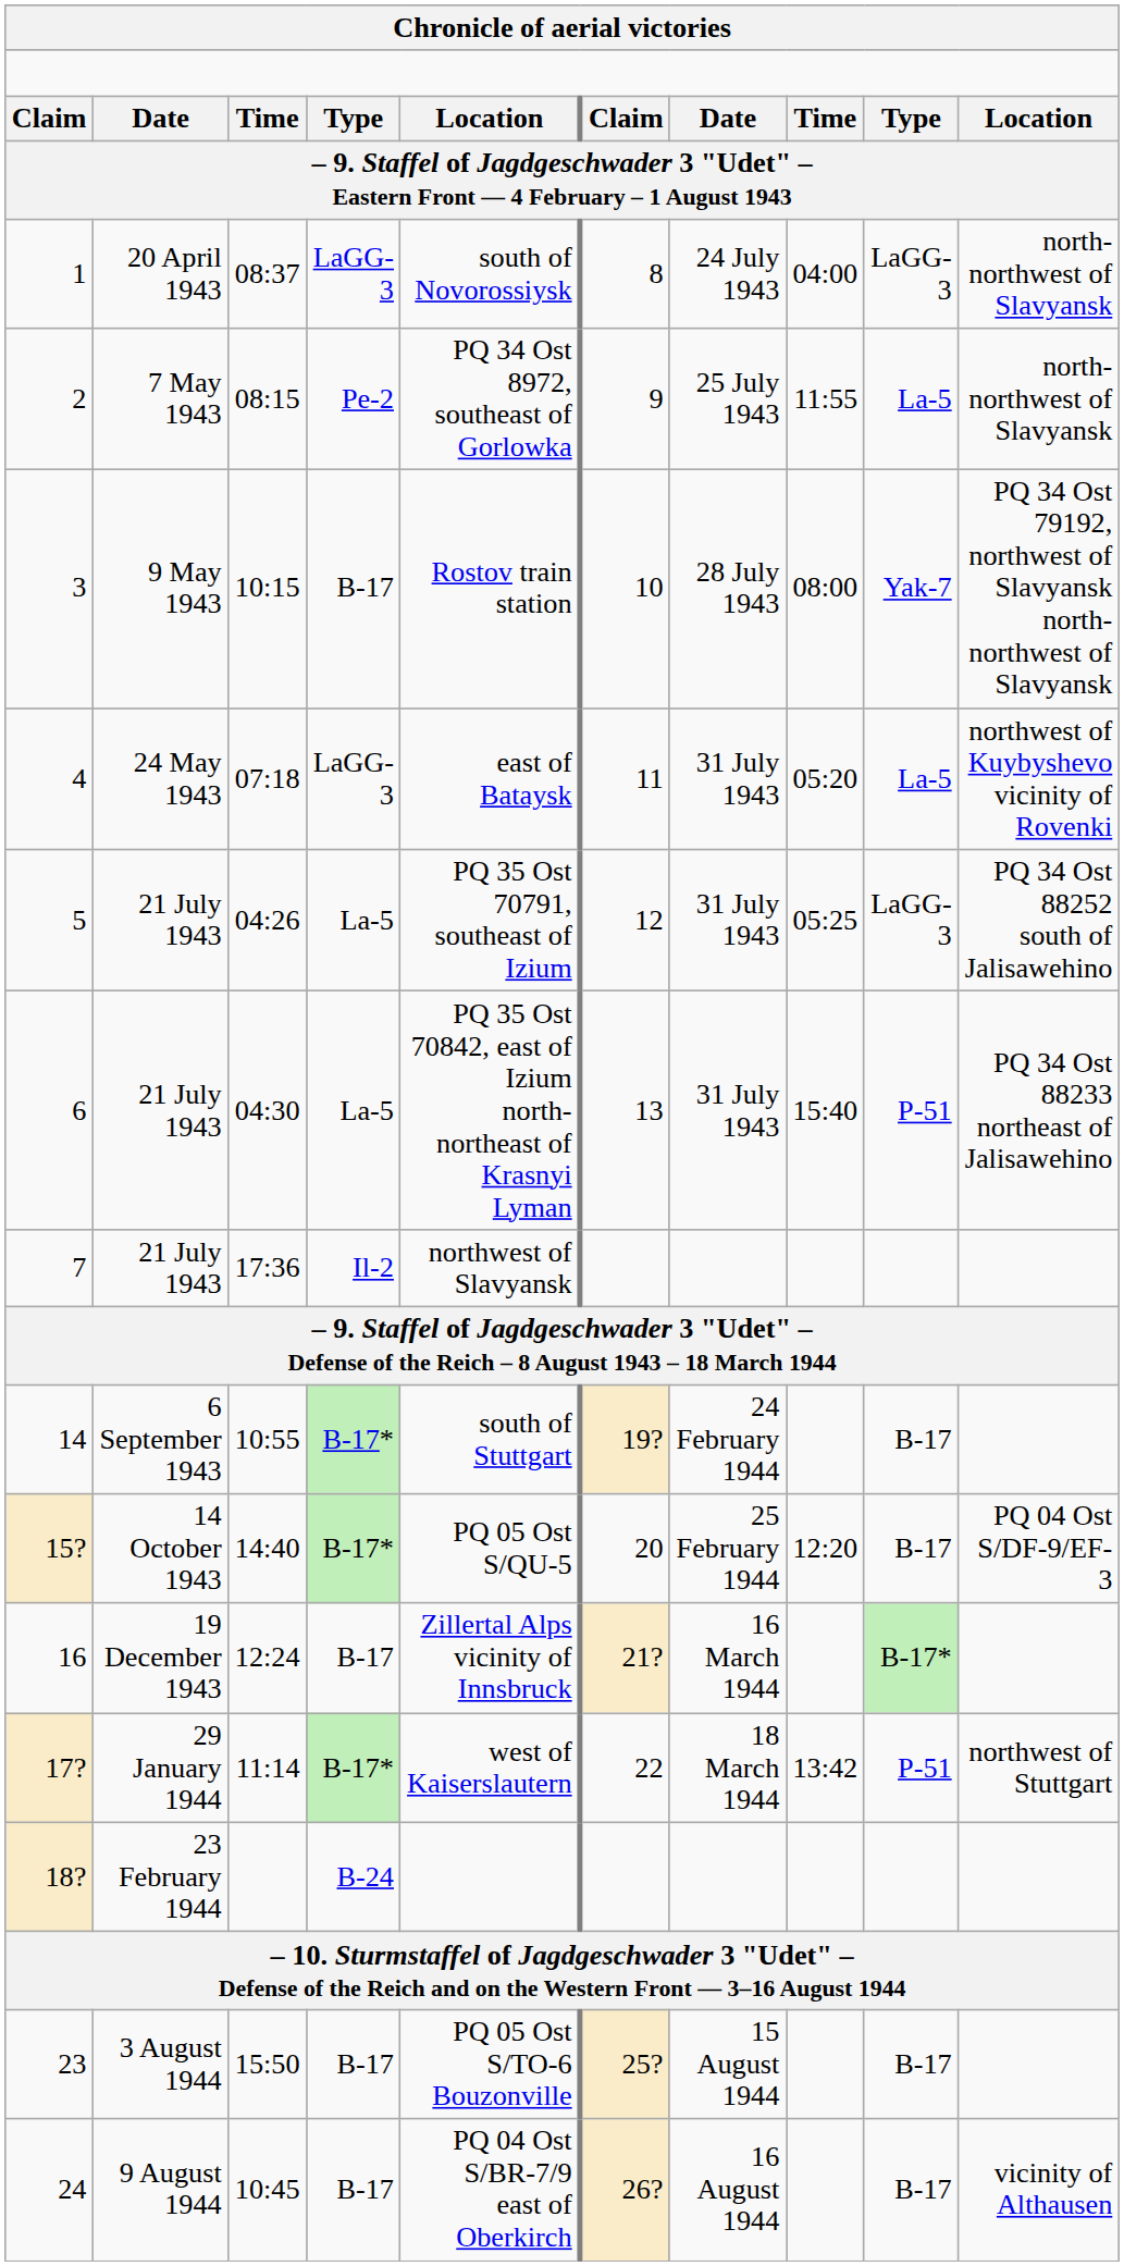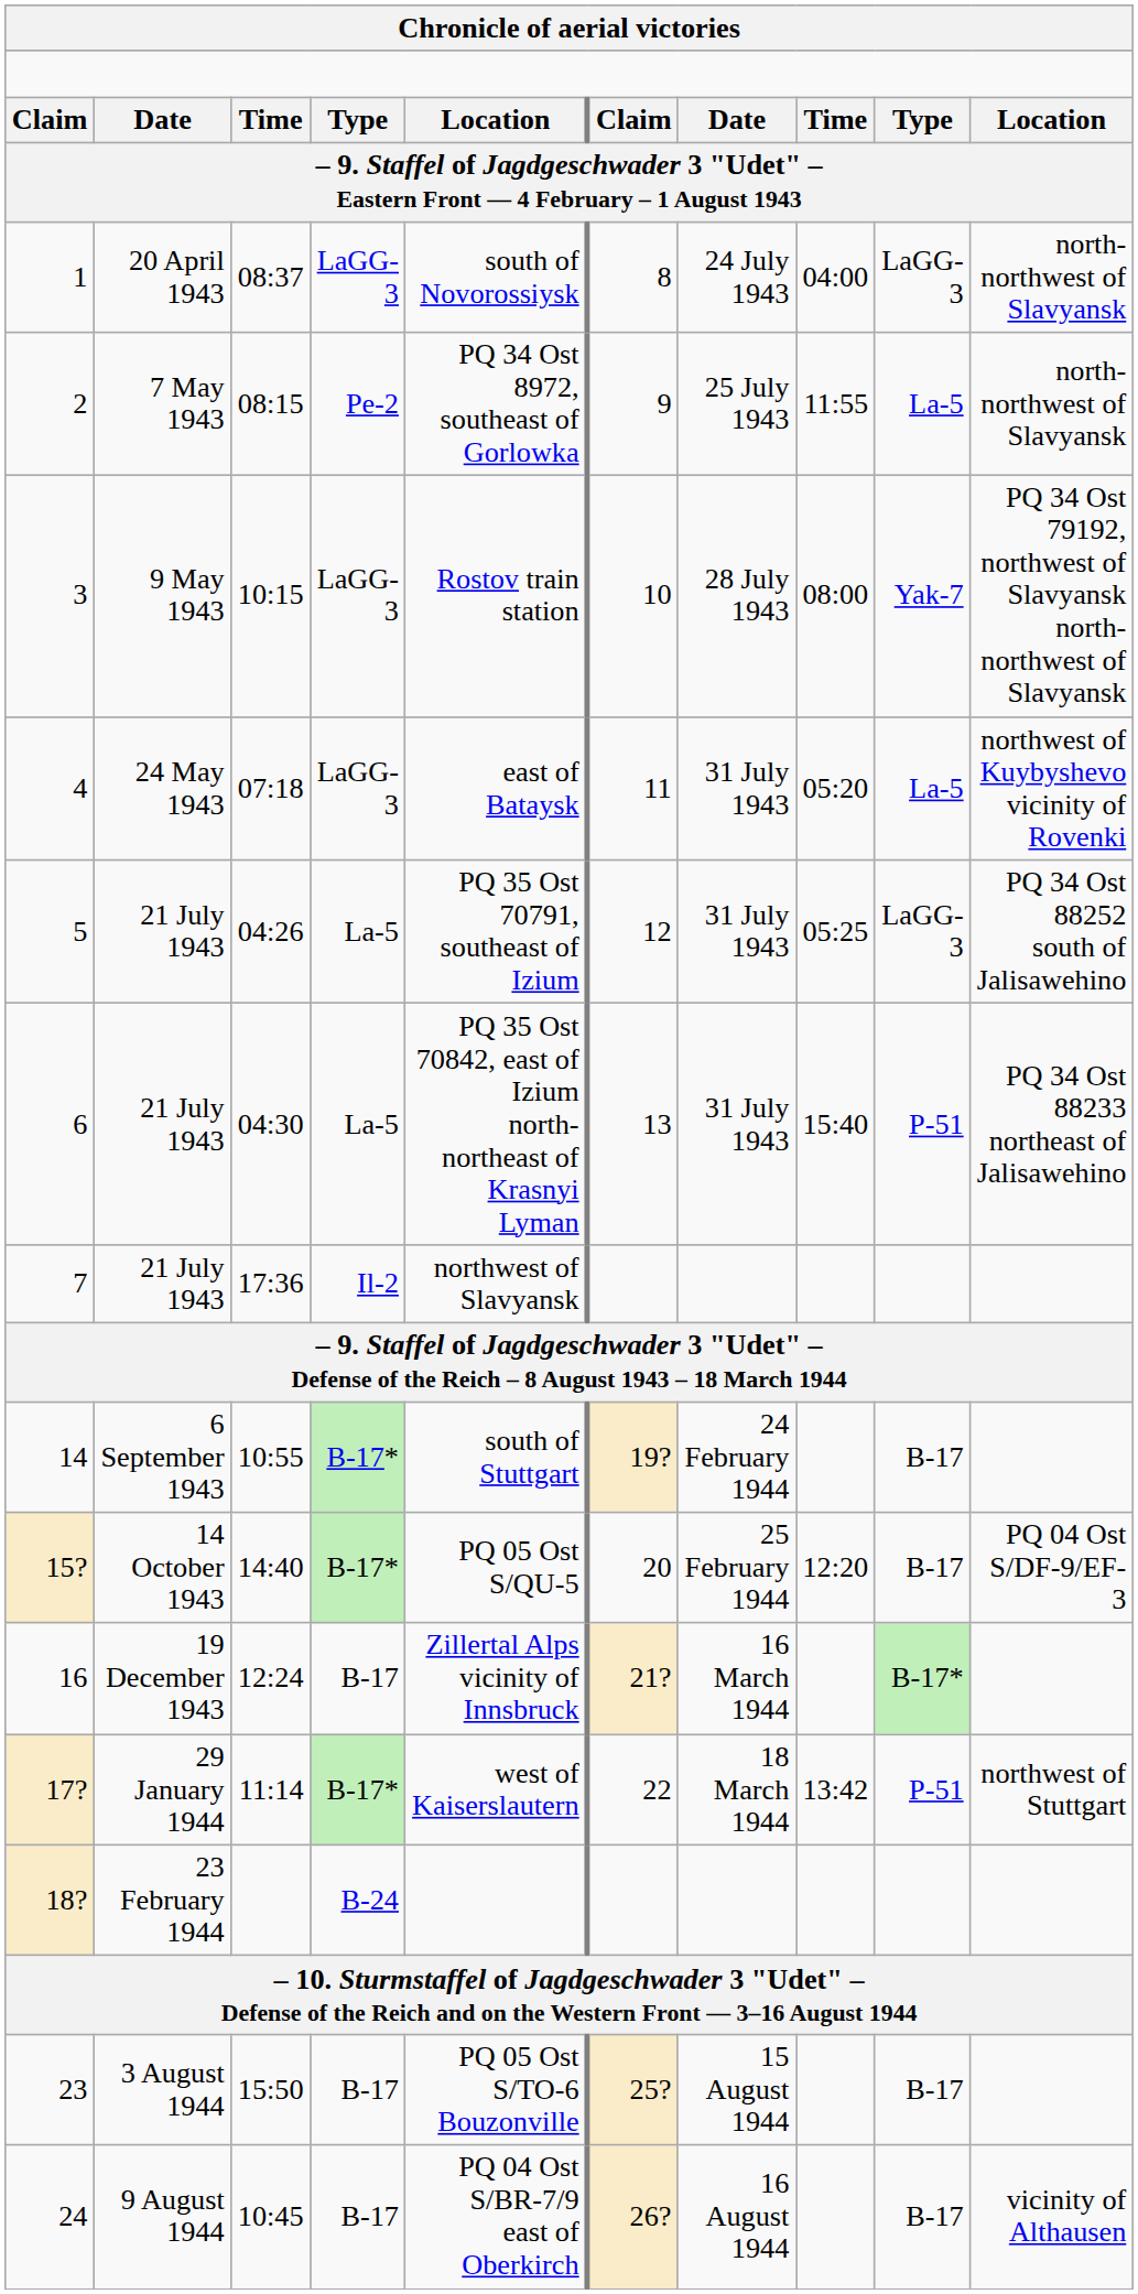 <table class="wikitable plainrowheaders collapsible" style="margin-left: auto; margin-right: auto; border: none; text-align:right; width: 100%;">
 <tr>
 <th colspan="10">Chronicle of aerial victories</th>
 </tr>
 <tr>
 <td colspan="10" style="text-align: left;"><br> </td>
 </tr>
 <tr>
 <th scope="col">Claim</th>
 <th scope="col">Date</th>
 <th scope="col">Time</th>
 <th scope="col" width="100px">Type</th>
 <th scope="col">Location</th>
 <th scope="col" style="border-left: 3px solid grey;">Claim</th>
 <th scope="col">Date</th>
 <th scope="col">Time</th>
 <th scope="col" width="100px">Type</th>
 <th scope="col">Location</th>
 </tr>
 <tr>
 <th colspan="10">– 9. <em>Staffel</em> of <em>Jagdgeschwader</em> 3 "Udet" –<br><small>Eastern Front — 4 February – 1 August 1943</small></th>
 </tr>
 <tr>
 <td>1</td>
 <td>20 April 1943</td>
 <td>08:37</td>
 <td><a href='#'>LaGG-3</a></td>
 <td> south of <a href='#'>Novorossiysk</a></td>
 <td style="border-left: 3px solid grey;">8</td>
 <td>24 July 1943</td>
 <td>04:00</td>
 <td>LaGG-3</td>
 <td> north-northwest of <a href='#'>Slavyansk</a></td>
 </tr>
 <tr>
 <td>2</td>
 <td>7 May 1943</td>
 <td>08:15</td>
 <td><a href='#'>Pe-2</a></td>
 <td>PQ 34 Ost 8972, southeast of <a href='#'>Gorlowka</a></td>
 <td style="border-left: 3px solid grey;">9</td>
 <td>25 July 1943</td>
 <td>11:55</td>
 <td><a href='#'>La-5</a></td>
 <td> north-northwest of Slavyansk</td>
 </tr>
 <tr>
 <td>3</td>
 <td>9 May 1943</td>
 <td>10:15</td>
-<td>B-17</td>
+<td>LaGG-3</td>
 <td><a href='#'>Rostov</a> train station</td>
 <td style="border-left: 3px solid grey;">10</td>
 <td>28 July 1943</td>
 <td>08:00</td>
 <td><a href='#'>Yak-7</a></td>
 <td>PQ 34 Ost 79192, northwest of Slavyansk<br> north-northwest of Slavyansk</td>
 </tr>
 <tr>
 <td>4</td>
 <td>24 May 1943</td>
 <td>07:18</td>
 <td>LaGG-3</td>
 <td>east of <a href='#'>Bataysk</a></td>
 <td style="border-left: 3px solid grey;">11</td>
 <td>31 July 1943</td>
 <td>05:20</td>
 <td><a href='#'>La-5</a></td>
 <td> northwest of <a href='#'>Kuybyshevo</a><br>vicinity of <a href='#'>Rovenki</a></td>
 </tr>
 <tr>
 <td>5</td>
 <td>21 July 1943</td>
 <td>04:26</td>
 <td>La-5</td>
 <td>PQ 35 Ost 70791, southeast of <a href='#'>Izium</a></td>
 <td style="border-left: 3px solid grey;">12</td>
 <td>31 July 1943</td>
 <td>05:25</td>
 <td>LaGG-3</td>
 <td>PQ 34 Ost 88252<br> south of Jalisawehino</td>
 </tr>
 <tr>
 <td>6</td>
 <td>21 July 1943</td>
 <td>04:30</td>
 <td>La-5</td>
 <td>PQ 35 Ost 70842, east of Izium<br> north-northeast of <a href='#'>Krasnyi Lyman</a></td>
 <td style="border-left: 3px solid grey;">13</td>
 <td>31 July 1943</td>
 <td>15:40</td>
 <td><a href='#'>P-51</a></td>
 <td>PQ 34 Ost 88233<br> northeast of Jalisawehino</td>
 </tr>
 <tr>
 <td>7</td>
 <td>21 July 1943</td>
 <td>17:36</td>
 <td><a href='#'>Il-2</a></td>
 <td> northwest of Slavyansk</td>
 <td style="border-left: 3px solid grey;"></td>
 <td></td>
 <td></td>
 <td></td>
 <td></td>
 </tr>
 <tr>
 <th colspan="10">– 9. <em>Staffel</em> of <em>Jagdgeschwader</em> 3 "Udet" –<br><small>Defense of the Reich – 8 August 1943 – 18 March 1944</small></th>
 </tr>
 <tr>
 <td>14</td>
 <td>6 September 1943</td>
 <td>10:55</td>
 <td style="background:#C0EFBA"><a href='#'>B-17</a>*</td>
 <td> south of <a href='#'>Stuttgart</a></td>
 <td style="border-left: 3px solid grey; background:#faecc8">19?</td>
 <td>24 February 1944</td>
 <td></td>
 <td>B-17</td>
 <td></td>
 </tr>
 <tr>
 <td style="background:#faecc8">15?</td>
 <td>14 October 1943</td>
 <td>14:40</td>
 <td style="background:#C0EFBA">B-17*</td>
 <td>PQ 05 Ost S/QU-5</td>
 <td style="border-left: 3px solid grey;">20</td>
 <td>25 February 1944</td>
 <td>12:20</td>
 <td>B-17</td>
 <td>PQ 04 Ost S/DF-9/EF-3</td>
 </tr>
 <tr>
 <td>16</td>
 <td>19 December 1943</td>
 <td>12:24</td>
 <td>B-17</td>
 <td><a href='#'>Zillertal Alps</a><br>vicinity of <a href='#'>Innsbruck</a></td>
 <td style="border-left: 3px solid grey; background:#faecc8">21?</td>
 <td>16 March 1944</td>
 <td></td>
 <td style="background:#C0EFBA">B-17*</td>
 <td></td>
 </tr>
 <tr>
 <td style="background:#faecc8">17?</td>
 <td>29 January 1944</td>
 <td>11:14</td>
 <td style="background:#C0EFBA">B-17*</td>
 <td>west of <a href='#'>Kaiserslautern</a></td>
 <td style="border-left: 3px solid grey;">22</td>
 <td>18 March 1944</td>
 <td>13:42</td>
 <td><a href='#'>P-51</a></td>
 <td>northwest of Stuttgart</td>
 </tr>
 <tr>
 <td style="background:#faecc8">18?</td>
 <td>23 February 1944</td>
 <td></td>
 <td><a href='#'>B-24</a></td>
 <td></td>
 <td style="border-left: 3px solid grey;"></td>
 <td></td>
 <td></td>
 <td></td>
 <td></td>
 </tr>
 <tr>
 <th colspan="10">– 10. <em>Sturmstaffel</em> of <em>Jagdgeschwader</em> 3 "Udet" –<br><small>Defense of the Reich and on the Western Front — 3–16 August 1944</small></th>
 </tr>
 <tr>
 <td>23</td>
 <td>3 August 1944</td>
 <td>15:50</td>
 <td>B-17</td>
 <td>PQ 05 Ost S/TO-6<br><a href='#'>Bouzonville</a></td>
 <td style="border-left: 3px solid grey; background:#faecc8">25?</td>
 <td>15 August 1944</td>
 <td></td>
 <td>B-17</td>
 <td></td>
 </tr>
 <tr>
 <td>24</td>
 <td>9 August 1944</td>
 <td>10:45</td>
 <td>B-17</td>
 <td>PQ 04 Ost S/BR-7/9<br>east of <a href='#'>Oberkirch</a></td>
 <td style="border-left: 3px solid grey; background:#faecc8">26?</td>
 <td>16 August 1944</td>
 <td></td>
 <td>B-17</td>
 <td>vicinity of <a href='#'>Althausen</a></td>
 </tr>
 </table>
